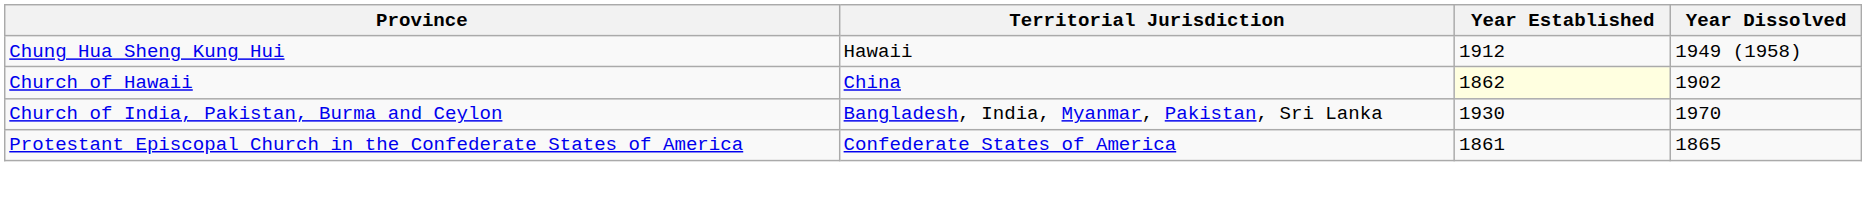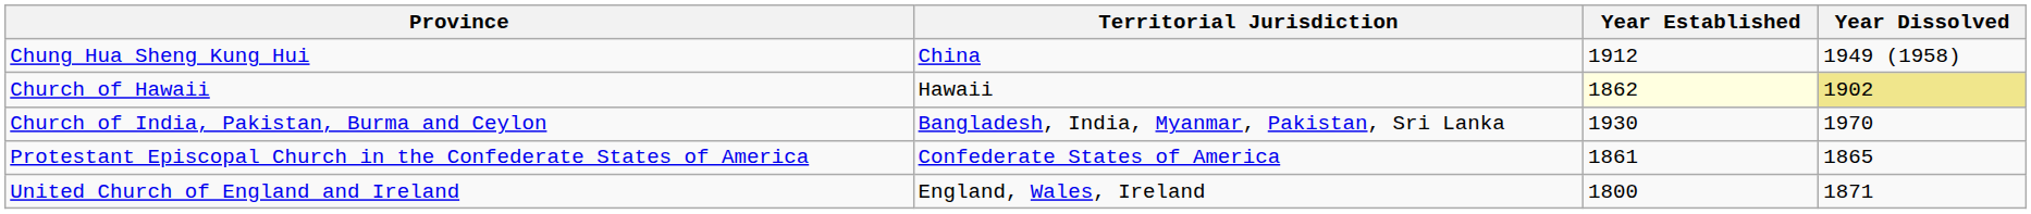 <table class="wikitable" style="width: 100%;">
 <tr>
 <th>Province</th>
 <th>Territorial Jurisdiction</th>
 <th>Year Established</th>
 <th>Year Dissolved</th>
 </tr>
 <tr valign="top">
 <td style="vertical-align: top;"><a href='#'>Chung Hua Sheng Kung Hui</a> </td>
-<td style="vertical-align: top;">Hawaii</td>
+<td style="vertical-align: top;"><a href='#'>China</a></td>
 <td style="vertical-align: top;">1912</td>
 <td style="vertical-align: top;">1949 (1958)</td>
 </tr>
 <tr valign="top">
 <td style="vertical-align: top;"><a href='#'>Church of Hawaii</a> </td>
-<td style="vertical-align: top;"><a href='#'>China</a></td>
+<td style="vertical-align: top;">Hawaii</td>
 <td style="background: lightyellow; vertical-align: top;">1862</td>
-<td style="vertical-align: top;">1902</td>
+<td style="background: khaki; vertical-align: top;">1902</td>
 </tr>
 <tr valign="top">
 <td style="vertical-align: top;"><a href='#'>Church of India, Pakistan, Burma and Ceylon</a></td>
 <td style="vertical-align: top;"><a href='#'>Bangladesh</a>, India, <a href='#'>Myanmar</a>, <a href='#'>Pakistan</a>, Sri Lanka</td>
 <td style="vertical-align: top;">1930</td>
 <td style="vertical-align: top;">1970</td>
 </tr>
 <tr valign="top">
 <td style="vertical-align: top;"><a href='#'>Protestant Episcopal Church in the Confederate States of America</a></td>
 <td style="vertical-align: top;"><a href='#'>Confederate States of America</a></td>
 <td style="vertical-align: top;">1861</td>
 <td style="vertical-align: top;">1865</td>
 </tr>
+<tr valign="top">
+<td style="vertical-align: top;"><a href='#'>United Church of England and Ireland</a> </td>
+<td style="vertical-align: top;">England, <a href='#'>Wales</a>, Ireland</td>
+<td style="vertical-align: top;">1800</td>
+<td style="vertical-align: top;">1871</td>
+</tr>
 </table>
